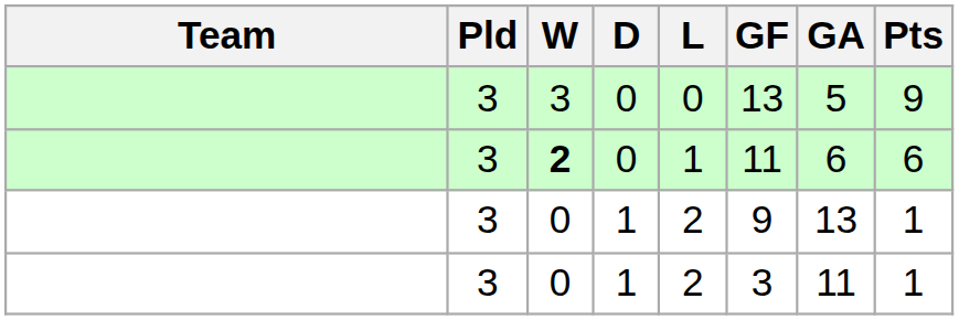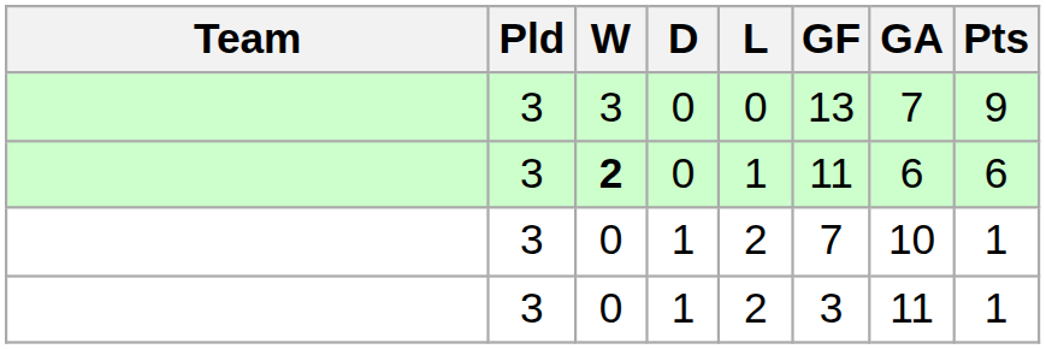 <table class="wikitable" style="text-align: center;">
 <tr>
 <th width="175">Team</th>
 <th width="20">Pld</th>
 <th width="20">W</th>
 <th width="20">D</th>
 <th width="20">L</th>
 <th width="20">GF</th>
 <th width="20">GA</th>
 <th width="20">Pts</th>
 </tr>
 <tr bgcolor="#ccffcc">
 <td style="text-align:left;"></td>
 <td>3</td>
 <td>3</td>
 <td>0</td>
 <td>0</td>
 <td>13</td>
-<td>5</td>
+<td>7</td>
 <td>9</td>
 </tr>
 <tr align=center style="background:#ccffcc;">
 <td style="text-align:left;"></td>
 <td>3</td>
 <td><strong>2</strong></td>
 <td>0</td>
 <td>1</td>
 <td>11</td>
 <td>6</td>
 <td>6</td>
 </tr>
 <tr align=center style="background:#ffffff;">
 <td style="text-align:left;"></td>
 <td>3</td>
 <td>0</td>
 <td>1</td>
 <td>2</td>
-<td>9</td>
-<td>13</td>
+<td>7</td>
+<td>10</td>
 <td>1</td>
 </tr>
 <tr align=center style="background:#ffffff;">
 <td style="text-align:left;"></td>
 <td>3</td>
 <td>0</td>
 <td>1</td>
 <td>2</td>
 <td>3</td>
 <td>11</td>
 <td>1</td>
 </tr>
 </table>
